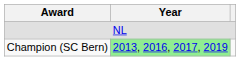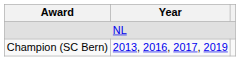 <table class="wikitable">
 <tr>
 <th>Award</th>
 <th>Year</th>
 <th></th>
 </tr>
 <tr ALIGN="center" bgcolor="#e0e0e0">
 <td colspan="3"><a href='#'>NL</a></td>
 </tr>
 <tr>
 <td>Champion (SC Bern)</td>
-<td style="background: lightgreen;"><a href='#'>2013</a>, <a href='#'>2016</a>, <a href='#'>2017</a>, <a href='#'>2019</a></td>
+<td><a href='#'>2013</a>, <a href='#'>2016</a>, <a href='#'>2017</a>, <a href='#'>2019</a></td>
 <td></td>
 </tr>
 </table>
